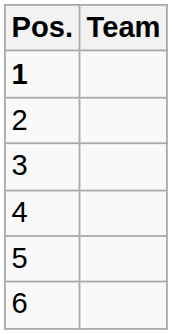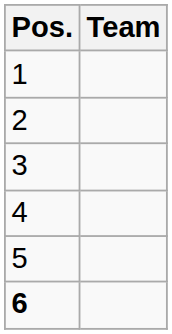 <table class="wikitable">
 <tr>
 <th>Pos.</th>
 <th>Team</th>
 </tr>
 <tr>
-<td><strong>1</strong></td>
+<td>1</td>
 <td></td>
 </tr>
 <tr>
 <td>2</td>
 <td></td>
 </tr>
 <tr>
 <td>3</td>
 <td></td>
 </tr>
 <tr>
 <td>4</td>
 <td></td>
 </tr>
 <tr>
 <td>5</td>
 <td></td>
 </tr>
 <tr>
-<td>6</td>
+<td><strong>6</strong></td>
 <td></td>
 </tr>
 </table>
